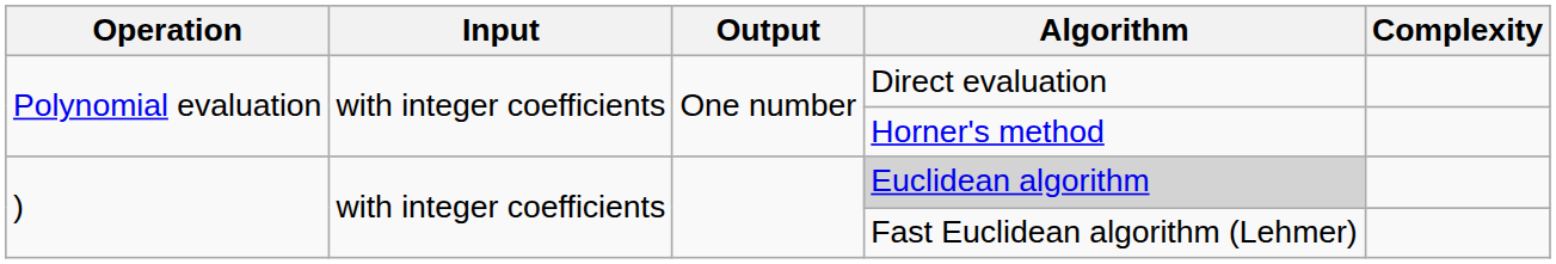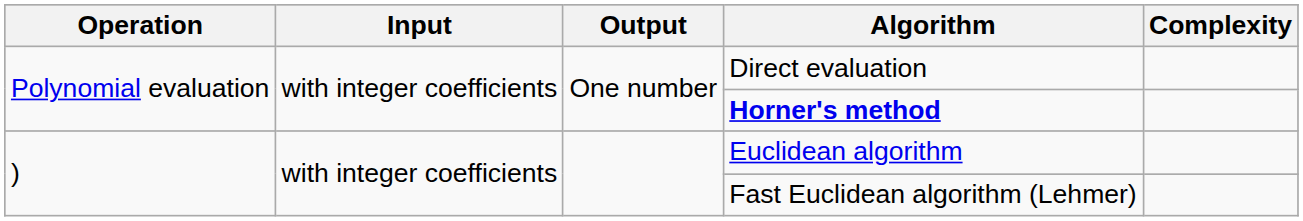 <table class="wikitable">
 <tr>
 <th>Operation</th>
 <th>Input</th>
 <th>Output</th>
 <th>Algorithm</th>
 <th>Complexity</th>
 </tr>
 <tr>
 <td rowspan=2><a href='#'>Polynomial</a> evaluation</td>
 <td rowspan=2> with integer coefficients</td>
 <td rowspan=2>One number</td>
 <td>Direct evaluation</td>
 <td></td>
 </tr>
 <tr>
-<td><a href='#'>Horner's method</a></td>
+<td><strong><a href='#'>Horner's method</a></strong></td>
 <td></td>
 </tr>
 <tr>
 <td rowspan=2>)</td>
 <td rowspan=2> with integer coefficients</td>
 <td rowspan=2></td>
-<td style="background: lightgrey;"><a href='#'>Euclidean algorithm</a></td>
+<td><a href='#'>Euclidean algorithm</a></td>
 <td></td>
 </tr>
 <tr>
 <td>Fast Euclidean algorithm (Lehmer)</td>
 <td></td>
 </tr>
 </table>
